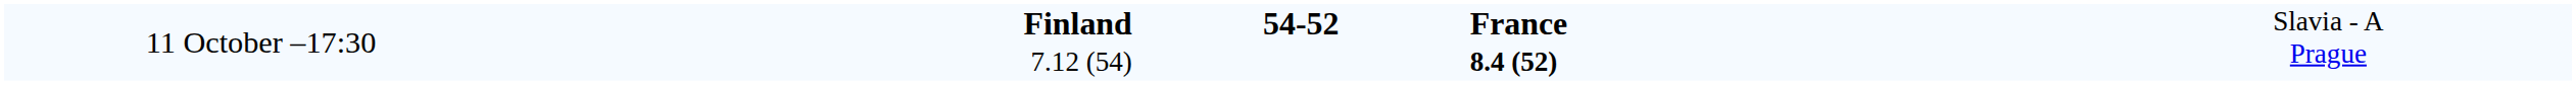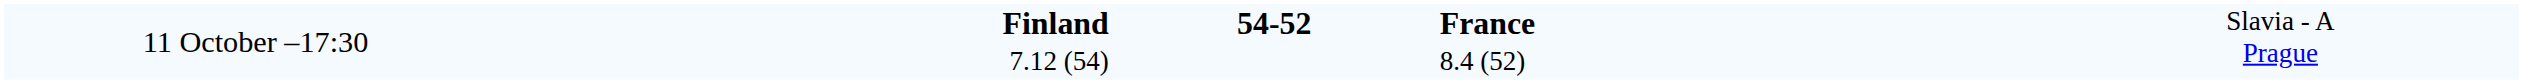 <table style="width: 100%; background:#F5FAFF;" cellspacing="0">
 <tr>
 <td style=font-size:95% align=center rowspan=3 width=20%>11 October –17:30</td>
 </tr>
 <tr>
 <td width=24% align=right><strong>Finland</strong> </td>
 <td align=center width=13%><strong>54-52</strong></td>
 <td width=24%> <strong>France</strong></td>
 <td style=font-size:85% rowspan=3 valign=top align=center>Slavia - A <br><a href='#'>Prague</a></td>
 </tr>
 <tr style=font-size:85%>
 <td align=right>7.12 (54)</td>
 <td align=center></td>
-<td><strong>8.4 (52)</strong></td>
+<td>8.4 (52)</td>
 </tr>
 </table>
